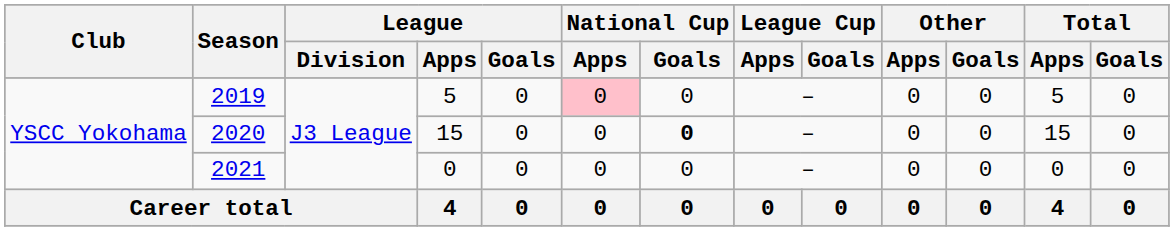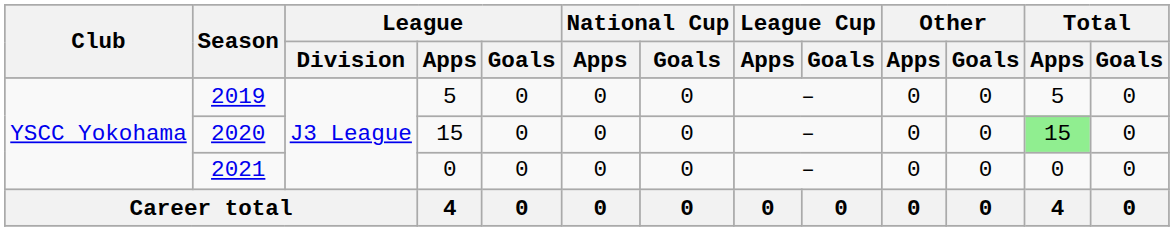 <table class="wikitable" style="text-align: center">
 <tr>
 <th rowspan="2">Club</th>
 <th rowspan="2">Season</th>
 <th colspan="3">League</th>
 <th colspan="2">National Cup</th>
 <th colspan="2">League Cup</th>
 <th colspan="2">Other</th>
 <th colspan="2">Total</th>
 </tr>
 <tr>
 <th>Division</th>
 <th>Apps</th>
 <th>Goals</th>
 <th>Apps</th>
 <th>Goals</th>
 <th>Apps</th>
 <th>Goals</th>
 <th>Apps</th>
 <th>Goals</th>
 <th>Apps</th>
 <th>Goals</th>
 </tr>
 <tr>
 <td rowspan="3"><a href='#'>YSCC Yokohama</a></td>
 <td><a href='#'>2019</a></td>
 <td rowspan="3"><a href='#'>J3 League</a></td>
 <td>5</td>
 <td>0</td>
-<td style="background: pink;">0</td>
+<td>0</td>
 <td>0</td>
 <td colspan="2">–</td>
 <td>0</td>
 <td>0</td>
 <td>5</td>
 <td>0</td>
 </tr>
 <tr>
 <td><a href='#'>2020</a></td>
 <td>15</td>
 <td>0</td>
 <td>0</td>
-<td><strong>0</strong></td>
+<td>0</td>
 <td colspan="2">–</td>
 <td>0</td>
 <td>0</td>
-<td>15</td>
+<td style="background: lightgreen;">15</td>
 <td>0</td>
 </tr>
 <tr>
 <td><a href='#'>2021</a></td>
 <td>0</td>
 <td>0</td>
 <td>0</td>
 <td>0</td>
 <td colspan="2">–</td>
 <td>0</td>
 <td>0</td>
 <td>0</td>
 <td>0</td>
 </tr>
 <tr>
 <th colspan=3>Career total</th>
 <th>4</th>
 <th>0</th>
 <th>0</th>
 <th>0</th>
 <th>0</th>
 <th>0</th>
 <th>0</th>
 <th>0</th>
 <th>4</th>
 <th>0</th>
 </tr>
 </table>
